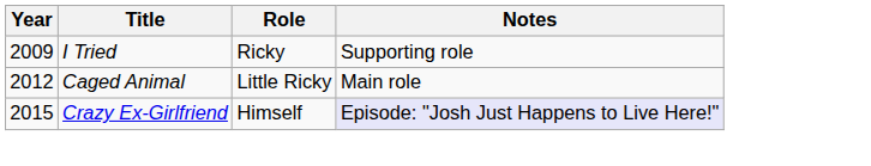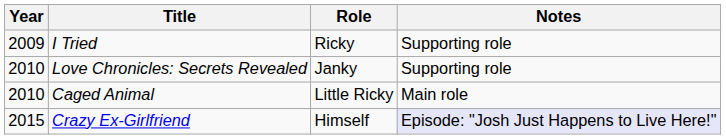 <table class="wikitable">
 <tr>
 <th>Year</th>
 <th>Title</th>
 <th>Role</th>
 <th>Notes</th>
 </tr>
 <tr>
 <td>2009</td>
 <td><em>I Tried </em></td>
 <td>Ricky</td>
 <td>Supporting role</td>
 </tr>
 <tr>
-<td>2012</td>
+<td>2010</td>
+<td><em>Love Chronicles: Secrets Revealed</em></td>
+<td>Janky</td>
+<td>Supporting role</td>
+</tr>
+<tr>
+<td>2010</td>
 <td><em>Caged Animal</em></td>
 <td>Little Ricky</td>
 <td>Main role<br> </td>
 </tr>
 <tr>
 <td>2015</td>
 <td><em><a href='#'>Crazy Ex-Girlfriend</a></em></td>
 <td>Himself</td>
 <td style="background: lavender;">Episode: "Josh Just Happens to Live Here!"</td>
 </tr>
 </table>
